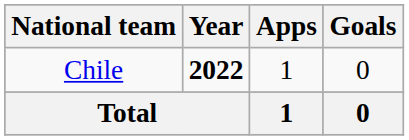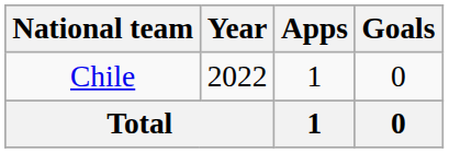 <table class=wikitable style=text-align:center>
 <tr>
 <th>National team</th>
 <th>Year</th>
 <th>Apps</th>
 <th>Goals</th>
 </tr>
 <tr>
 <td rowspan="1"><a href='#'>Chile</a></td>
-<td><strong>2022</strong></td>
+<td>2022</td>
 <td>1</td>
 <td>0</td>
 </tr>
 <tr>
 <th colspan="2">Total</th>
 <th>1</th>
 <th>0</th>
 </tr>
 </table>
